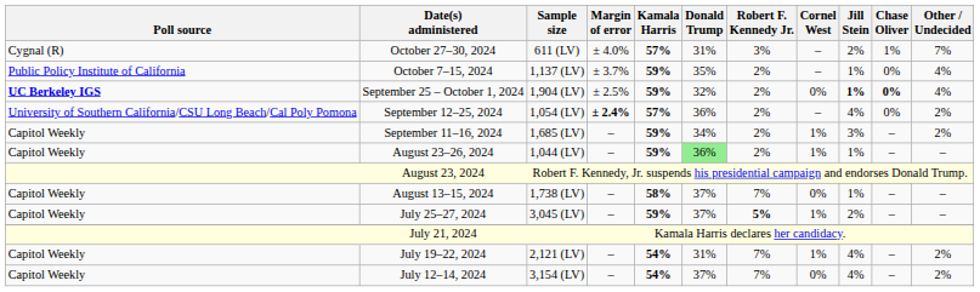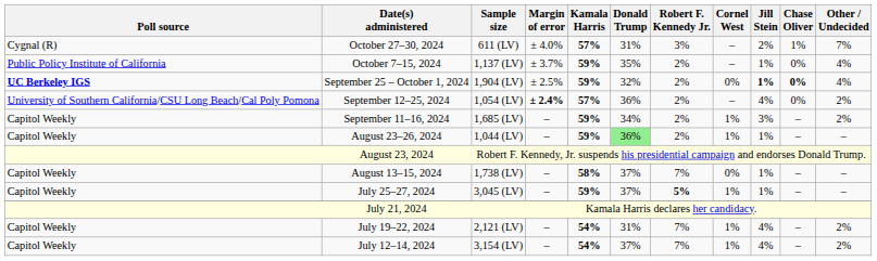 <table class="wikitable sortable mw-datatable" style="font-size:90%;text-align:center;line-height:17px">
 <tr valign=bottom>
 <th>Poll source</th>
 <th>Date(s)<br>administered</th>
 <th>Sample<br>size</th>
 <th>Margin<br>of error</th>
 <th class="unsortable">Kamala<br>Harris<br></th>
 <th class="unsortable">Donald<br>Trump<br></th>
 <th class="unsortable">Robert F.<br>Kennedy Jr.<br></th>
 <th class="unsortable">Cornel<br>West<br></th>
 <th class="unsortable">Jill<br>Stein<br></th>
 <th class="unsortable">Chase<br>Oliver<br></th>
 <th class="unsortable">Other /<br>Undecided</th>
 </tr>
 <tr>
 <td style="text-align:left;">Cygnal (R)</td>
 <td data-sort-value="2024-10-30">October 27–30, 2024</td>
 <td>611 (LV)</td>
 <td>± 4.0%</td>
 <td style="color:black;background-color:"><strong>57%</strong></td>
 <td>31%</td>
 <td>3%</td>
 <td>–</td>
 <td>2%</td>
 <td>1%</td>
 <td>7%</td>
 </tr>
 <tr>
 <td style="text-align:left;"><a href='#'>Public Policy Institute of California</a></td>
 <td data-sort-value="2024-10-15">October 7–15, 2024</td>
 <td>1,137 (LV)</td>
 <td>± 3.7%</td>
 <td style="color:black;background-color:"><strong>59%</strong></td>
 <td>35%</td>
 <td>2%</td>
 <td>–</td>
 <td>1%</td>
 <td>0%</td>
 <td>4%</td>
 </tr>
 <tr>
 <td style="text-align:left;"><strong><a href='#'>UC Berkeley IGS</a></strong></td>
 <td data-sort-value="2024-10-01">September 25 – October 1, 2024</td>
 <td>1,904 (LV)</td>
 <td>± 2.5%</td>
 <td style="color:black;background-color:"><strong>59%</strong></td>
 <td>32%</td>
 <td>2%</td>
 <td>0%</td>
 <td><strong>1%</strong></td>
 <td><strong>0%</strong></td>
 <td>4%</td>
 </tr>
 <tr>
 <td style="text-align:left;"><a href='#'>University of Southern California</a>/<a href='#'>CSU Long Beach</a>/<a href='#'>Cal Poly Pomona</a></td>
 <td data-sort-value="2024-09-25">September 12–25, 2024</td>
 <td>1,054 (LV)</td>
 <td><strong>± 2.4%</strong></td>
 <td style="color:black;background-color:"><strong>57%</strong></td>
 <td>36%</td>
 <td>2%</td>
 <td>–</td>
 <td>4%</td>
 <td>0%</td>
 <td>2%</td>
 </tr>
 <tr>
 <td style="text-align:left;">Capitol Weekly</td>
 <td data-sort-value="2024-09-16">September 11–16, 2024</td>
 <td>1,685 (LV)</td>
 <td>–</td>
 <td style="color:black;background-color:"><strong>59%</strong></td>
 <td>34%</td>
 <td>2%</td>
 <td>1%</td>
 <td>3%</td>
 <td>–</td>
 <td>2%</td>
 </tr>
 <tr>
 <td style="text-align:left;">Capitol Weekly</td>
 <td data-sort-value="2024-07-27">August 23–26, 2024</td>
 <td>1,044 (LV)</td>
 <td>–</td>
 <td style="color:black;background-color:"><strong>59%</strong></td>
 <td style="background: lightgreen;">36%</td>
 <td>2%</td>
 <td>1%</td>
 <td>1%</td>
 <td>–</td>
 <td>–</td>
 </tr>
 <tr style="background:lightyellow;">
 <td style="border-right-style:hidden; background:lightyellow;"></td>
 <td style="border-right-style:hidden; " data-sort-value="2024-07-21">August 23, 2024</td>
 <td colspan="9">Robert F. Kennedy, Jr. suspends <a href='#'>his presidential campaign</a> and endorses Donald Trump.</td>
 </tr>
 <tr>
 <td style="text-align:left;">Capitol Weekly</td>
 <td data-sort-value="2024-08-15">August 13–15, 2024</td>
 <td>1,738 (LV)</td>
 <td>–</td>
 <td style="color:black;background-color:"><strong>58%</strong></td>
 <td>37%</td>
 <td>7%</td>
 <td>0%</td>
 <td>1%</td>
 <td>–</td>
 <td>–</td>
 </tr>
 <tr>
 <td style="text-align:left;">Capitol Weekly</td>
 <td data-sort-value="2024-07-27">July 25–27, 2024</td>
 <td>3,045 (LV)</td>
 <td>–</td>
 <td style="color:black;background-color:"><strong>59%</strong></td>
 <td>37%</td>
 <td><strong>5%</strong></td>
 <td>1%</td>
-<td>2%</td>
+<td>1%</td>
 <td>–</td>
 <td>–</td>
 </tr>
 <tr>
 </tr>
 <tr style="background:lightyellow;">
 <td style="border-right-style:hidden; background:lightyellow;"></td>
 <td style="border-right-style:hidden; " data-sort-value="2024-07-21">July 21, 2024</td>
 <td colspan="9">Kamala Harris declares <a href='#'>her candidacy</a>.</td>
 </tr>
 <tr>
 <td style="text-align:left;">Capitol Weekly</td>
 <td data-sort-value="2024-07-22">July 19–22, 2024</td>
 <td>2,121 (LV)</td>
 <td>–</td>
 <td style="color:black;background-color:"><strong>54%</strong></td>
 <td>31%</td>
 <td>7%</td>
 <td>1%</td>
 <td>4%</td>
 <td>–</td>
 <td>2%</td>
 </tr>
 <tr>
 <td style="text-align:left;">Capitol Weekly</td>
 <td data-sort-value="2024-07-14">July 12–14, 2024</td>
 <td>3,154 (LV)</td>
 <td>–</td>
 <td style="color:black;background-color:"><strong>54%</strong></td>
 <td>37%</td>
 <td>7%</td>
-<td>0%</td>
+<td>1%</td>
 <td>4%</td>
 <td>–</td>
 <td>2%</td>
 </tr>
 </table>
